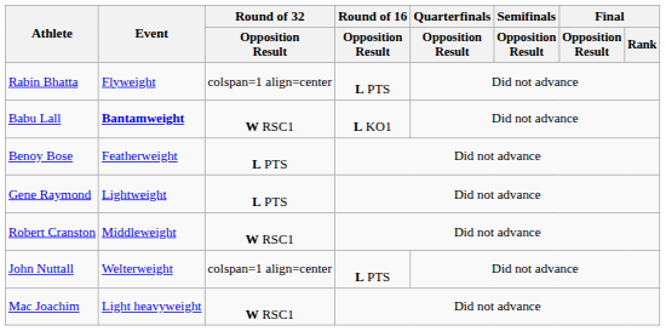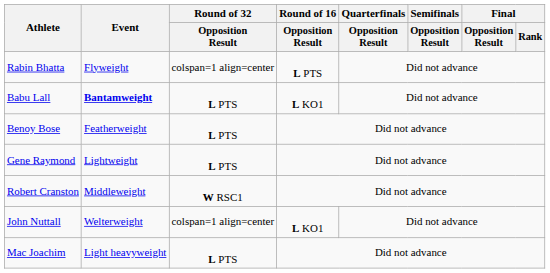 <table class="wikitable" style="font-size:90%;">
 <tr>
 <th rowspan=2>Athlete</th>
 <th rowspan=2>Event</th>
 <th>Round of 32</th>
 <th>Round of 16</th>
 <th>Quarterfinals</th>
 <th>Semifinals</th>
 <th colspan=2>Final</th>
 </tr>
 <tr style="font-size:95%">
 <th>Opposition<br>Result</th>
 <th>Opposition<br>Result</th>
 <th>Opposition<br>Result</th>
 <th>Opposition<br>Result</th>
 <th>Opposition<br>Result</th>
 <th>Rank</th>
 </tr>
 <tr>
 <td><a href='#'>Rabin Bhatta</a></td>
 <td><a href='#'>Flyweight</a></td>
 <td>colspan=1 align=center </td>
 <td align=center> <br><strong>L</strong> PTS</td>
 <td style="text-align:center;" colspan="5">Did not advance</td>
 </tr>
 <tr>
 <td><a href='#'>Babu Lall</a></td>
 <td><strong><a href='#'>Bantamweight</a></strong></td>
-<td align=center> <br><strong>W</strong> RSC1</td>
+<td align=center> <br> <strong>L</strong> PTS</td>
 <td align=center> <br><strong>L</strong> KO1</td>
 <td style="text-align:center;" colspan="5">Did not advance</td>
 </tr>
 <tr>
 <td><a href='#'>Benoy Bose</a></td>
 <td><a href='#'>Featherweight</a></td>
 <td align=center> <br><strong>L</strong> PTS</td>
 <td style="text-align:center;" colspan="7">Did not advance</td>
 </tr>
 <tr>
 <td><a href='#'>Gene Raymond</a></td>
 <td><a href='#'>Lightweight</a></td>
 <td align=center> <br><strong>L</strong> PTS</td>
 <td style="text-align:center;" colspan="7">Did not advance</td>
 </tr>
 <tr>
 <td><a href='#'>Robert Cranston</a></td>
 <td><a href='#'>Middleweight</a></td>
 <td align=center> <br><strong>W</strong> RSC1</td>
 <td style="text-align:center;" colspan="7">Did not advance</td>
 </tr>
 <tr>
 <td><a href='#'>John Nuttall</a></td>
 <td><a href='#'>Welterweight</a></td>
 <td>colspan=1 align=center </td>
-<td align=center><br> <strong>L</strong> PTS</td>
+<td align=center> <br><strong>L</strong> KO1</td>
 <td style="text-align:center;" colspan="5">Did not advance</td>
 </tr>
 <tr>
 <td><a href='#'>Mac Joachim</a></td>
 <td><a href='#'>Light heavyweight</a></td>
-<td align=center> <br><strong>W</strong> RSC1</td>
+<td align=center> <br> <strong>L</strong> PTS</td>
 <td style="text-align:center;" colspan="7">Did not advance</td>
 </tr>
 </table>
